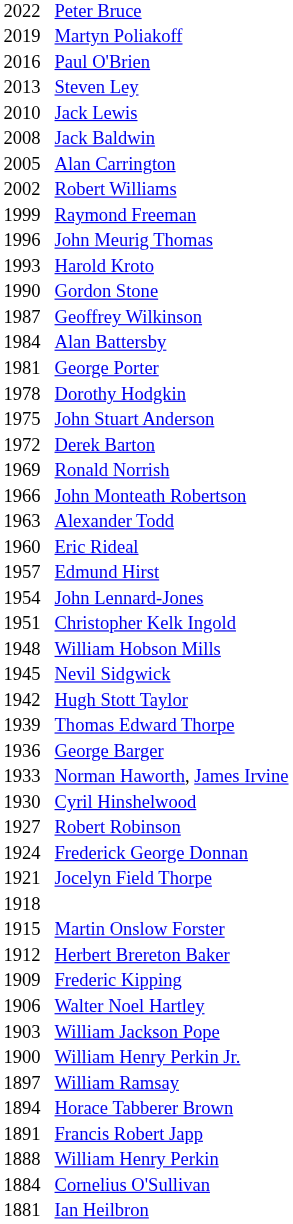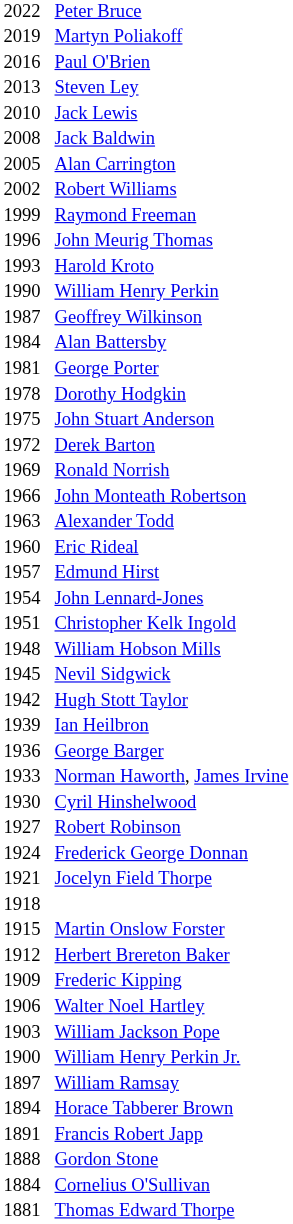 <table>
 <tr>
 <td>2022</td>
 <td><a href='#'>Peter Bruce</a></td>
 </tr>
 <tr>
 <td>2019</td>
 <td><a href='#'>Martyn Poliakoff</a></td>
 </tr>
 <tr>
 <td>2016</td>
 <td><a href='#'>Paul O'Brien</a></td>
 </tr>
 <tr>
 <td>2013</td>
 <td><a href='#'>Steven Ley</a></td>
 </tr>
 <tr>
 <td>2010</td>
 <td><a href='#'>Jack Lewis</a></td>
 </tr>
 <tr>
 <td>2008</td>
 <td><a href='#'>Jack Baldwin</a></td>
 </tr>
 <tr>
 <td>2005</td>
 <td><a href='#'>Alan Carrington</a></td>
 </tr>
 <tr>
 <td>2002</td>
 <td><a href='#'>Robert Williams</a></td>
 </tr>
 <tr>
 <td>1999</td>
 <td><a href='#'>Raymond Freeman</a></td>
 </tr>
 <tr>
 <td>1996</td>
 <td><a href='#'>John Meurig Thomas</a></td>
 </tr>
 <tr>
 <td>1993</td>
 <td><a href='#'>Harold Kroto</a></td>
 </tr>
 <tr>
 <td>1990</td>
-<td><a href='#'>Gordon Stone</a></td>
+<td><a href='#'>William Henry Perkin</a></td>
 </tr>
 <tr>
 <td>1987</td>
 <td><a href='#'>Geoffrey Wilkinson</a></td>
 </tr>
 <tr>
 <td>1984</td>
 <td><a href='#'>Alan Battersby</a></td>
 </tr>
 <tr>
 <td>1981</td>
 <td><a href='#'>George Porter</a></td>
 </tr>
 <tr>
 <td>1978</td>
 <td><a href='#'>Dorothy Hodgkin</a></td>
 </tr>
 <tr>
 <td>1975</td>
 <td><a href='#'>John Stuart Anderson</a></td>
 </tr>
 <tr>
 <td>1972</td>
 <td><a href='#'>Derek Barton</a></td>
 </tr>
 <tr>
 <td>1969</td>
 <td><a href='#'>Ronald Norrish</a></td>
 </tr>
 <tr>
 <td>1966</td>
 <td><a href='#'>John Monteath Robertson</a></td>
 </tr>
 <tr>
 <td>1963</td>
 <td><a href='#'>Alexander Todd</a></td>
 </tr>
 <tr>
 <td>1960</td>
 <td><a href='#'>Eric Rideal</a></td>
 </tr>
 <tr>
 <td>1957</td>
 <td><a href='#'>Edmund Hirst</a></td>
 </tr>
 <tr>
 <td>1954</td>
 <td><a href='#'>John Lennard-Jones</a></td>
 </tr>
 <tr>
 <td>1951</td>
 <td><a href='#'>Christopher Kelk Ingold</a></td>
 </tr>
 <tr>
 <td>1948</td>
 <td><a href='#'>William Hobson Mills</a></td>
 </tr>
 <tr>
 <td>1945</td>
 <td><a href='#'>Nevil Sidgwick</a></td>
 </tr>
 <tr>
 <td>1942</td>
 <td><a href='#'>Hugh Stott Taylor</a></td>
 </tr>
 <tr>
 <td>1939</td>
-<td><a href='#'>Thomas Edward Thorpe</a></td>
+<td><a href='#'>Ian Heilbron</a></td>
 </tr>
 <tr>
 <td>1936</td>
 <td><a href='#'>George Barger</a></td>
 </tr>
 <tr>
 <td>1933</td>
 <td><a href='#'>Norman Haworth</a>, <a href='#'>James Irvine</a></td>
 </tr>
 <tr>
 <td>1930</td>
 <td><a href='#'>Cyril Hinshelwood</a></td>
 </tr>
 <tr>
 <td>1927</td>
 <td><a href='#'>Robert Robinson</a></td>
 </tr>
 <tr>
 <td>1924</td>
 <td><a href='#'>Frederick George Donnan</a></td>
 </tr>
 <tr>
 <td>1921</td>
 <td><a href='#'>Jocelyn Field Thorpe</a></td>
 </tr>
 <tr>
 <td>1918</td>
 <td></td>
 </tr>
 <tr>
 <td>1915</td>
 <td><a href='#'>Martin Onslow Forster</a></td>
 </tr>
 <tr>
 <td>1912</td>
 <td><a href='#'>Herbert Brereton Baker</a></td>
 </tr>
 <tr>
 <td>1909</td>
 <td><a href='#'>Frederic Kipping</a></td>
 </tr>
 <tr>
 <td>1906</td>
 <td><a href='#'>Walter Noel Hartley</a></td>
 </tr>
 <tr>
 <td>1903</td>
 <td><a href='#'>William Jackson Pope</a></td>
 </tr>
 <tr>
 <td>1900</td>
 <td><a href='#'>William Henry Perkin Jr.</a></td>
 </tr>
 <tr>
 <td>1897</td>
 <td><a href='#'>William Ramsay</a></td>
 </tr>
 <tr>
 <td>1894</td>
 <td><a href='#'>Horace Tabberer Brown</a></td>
 </tr>
 <tr>
 <td>1891</td>
 <td><a href='#'>Francis Robert Japp</a></td>
 </tr>
 <tr>
 <td>1888</td>
-<td><a href='#'>William Henry Perkin</a></td>
+<td><a href='#'>Gordon Stone</a></td>
 </tr>
 <tr>
 <td>1884</td>
 <td><a href='#'>Cornelius O'Sullivan</a></td>
 </tr>
 <tr>
 <td>1881  </td>
-<td><a href='#'>Ian Heilbron</a></td>
+<td><a href='#'>Thomas Edward Thorpe</a></td>
 </tr>
 <tr>
 </tr>
 </table>
